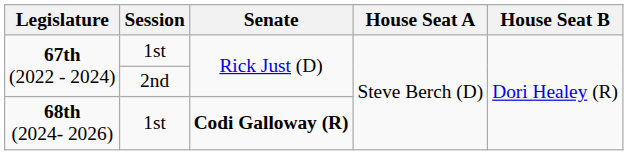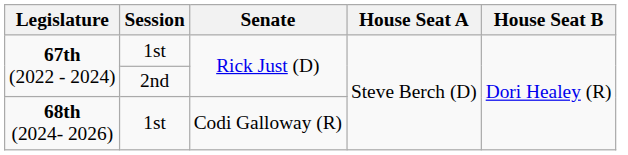 <table class=wikitable style="text-align:center">
 <tr>
 <th>Legislature</th>
 <th>Session</th>
 <th>Senate</th>
 <th>House Seat A</th>
 <th>House Seat B</th>
 </tr>
 <tr>
 <td rowspan="2"><strong>67th</strong> <br> (2022 - 2024)</td>
 <td>1st</td>
 <td rowspan="2" ><a href='#'>Rick Just</a> (D)</td>
 <td rowspan="3" >Steve Berch (D)</td>
 <td rowspan="3" ><a href='#'>Dori Healey</a> (R)</td>
 </tr>
 <tr>
 <td>2nd</td>
 </tr>
 <tr>
 <td rowspan="2"><strong>68th</strong> <br> (2024- 2026)</td>
 <td>1st</td>
-<td rowspan="1" ><strong>Codi Galloway (R)</strong></td>
+<td rowspan="1" >Codi Galloway (R)</td>
 </tr>
 </table>
